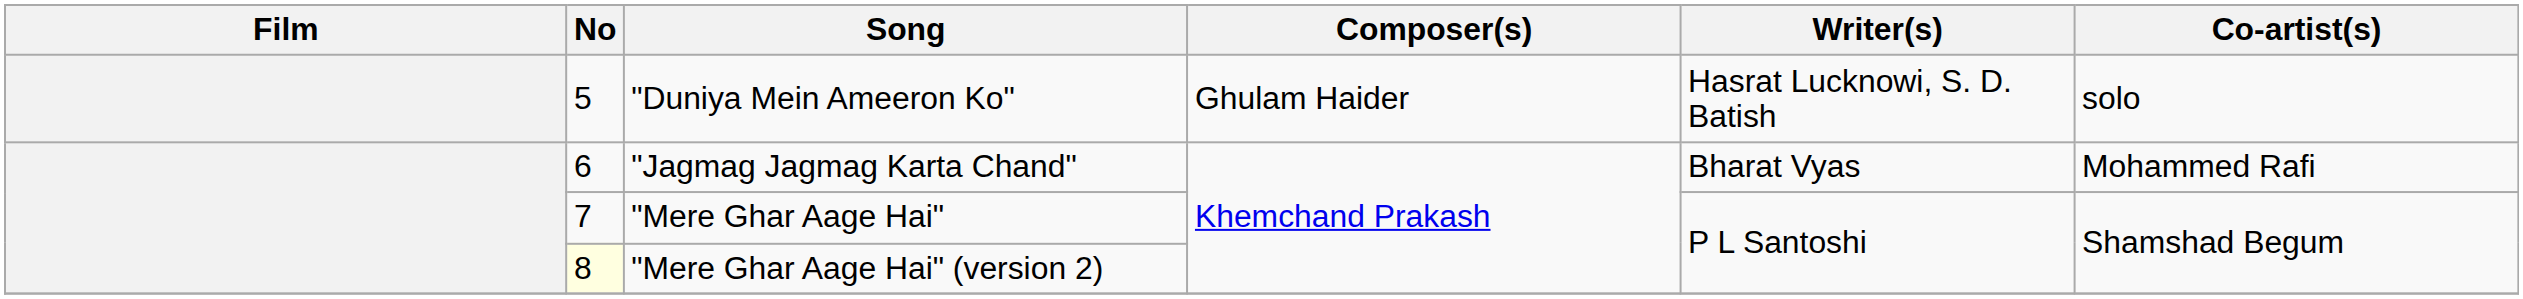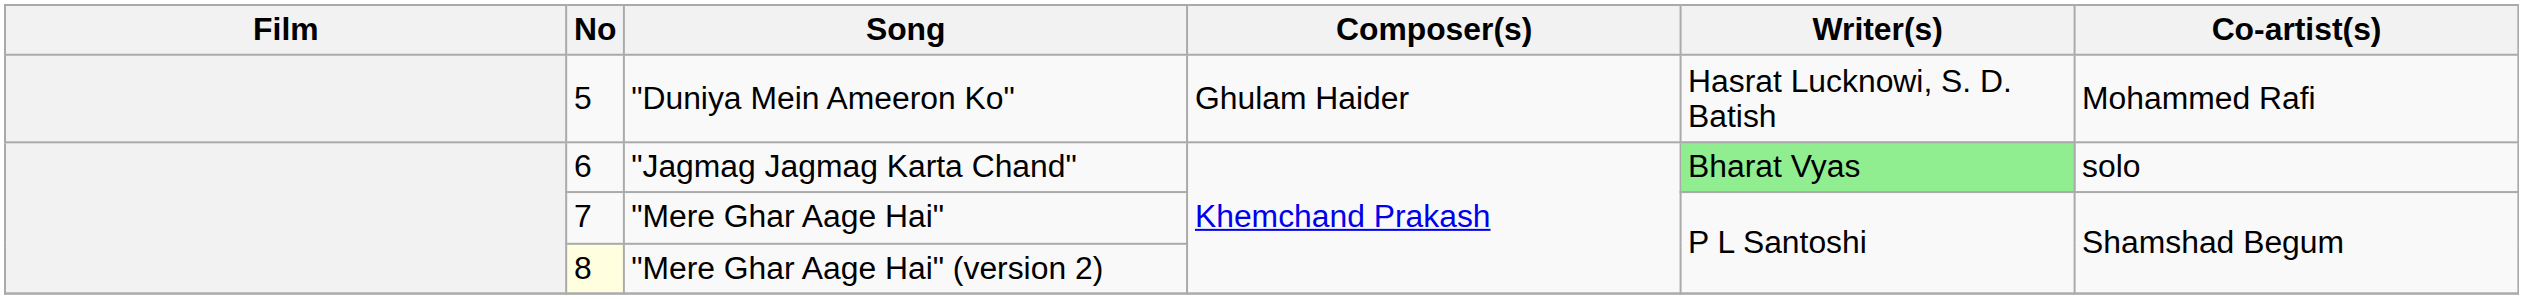 <table class="wikitable plainrowheaders" width="100%" textcolor:#000;">
 <tr style="background:#b0e0e66;">
 <th scope="col" width=23%>Film</th>
 <th><strong>No</strong></th>
 <th scope="col" width=23%>Song</th>
 <th scope="col" width=20%>Composer(s)</th>
 <th scope="col" width=16%>Writer(s)</th>
 <th scope="col" width=18%>Co-artist(s)</th>
 </tr>
 <tr>
 <th><em></em></th>
 <td>5</td>
 <td>"Duniya Mein Ameeron Ko"</td>
 <td>Ghulam Haider</td>
 <td>Hasrat Lucknowi, S. D. Batish</td>
-<td>solo</td>
+<td>Mohammed Rafi</td>
 </tr>
 <tr>
 <th rowspan=3><em></em></th>
 <td>6</td>
 <td>"Jagmag Jagmag Karta Chand"</td>
 <td rowspan=3><a href='#'>Khemchand Prakash</a></td>
-<td>Bharat Vyas</td>
-<td>Mohammed Rafi</td>
+<td style="background: lightgreen;">Bharat Vyas</td>
+<td>solo</td>
 </tr>
 <tr>
 <td>7</td>
 <td>"Mere Ghar Aage Hai"</td>
 <td rowspan=2>P L Santoshi</td>
 <td rowspan=2>Shamshad Begum</td>
 </tr>
 <tr>
 <td style="background: lightyellow;">8</td>
 <td>"Mere Ghar Aage Hai" (version 2)</td>
 </tr>
 <tr>
 </tr>
 </table>
